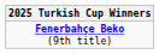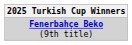 <table class=wikitable style="text-align:center; margin:auto">
 <tr>
 <th>2025 Turkish Cup Winners</th>
 </tr>
 <tr>
-<td><strong><a href='#'>Fenerbahçe Beko</a></strong><br>(9th title)</td>
+<td style="background: lightgrey;"><strong><a href='#'>Fenerbahçe Beko</a></strong><br>(9th title)</td>
 </tr>
 </table>
